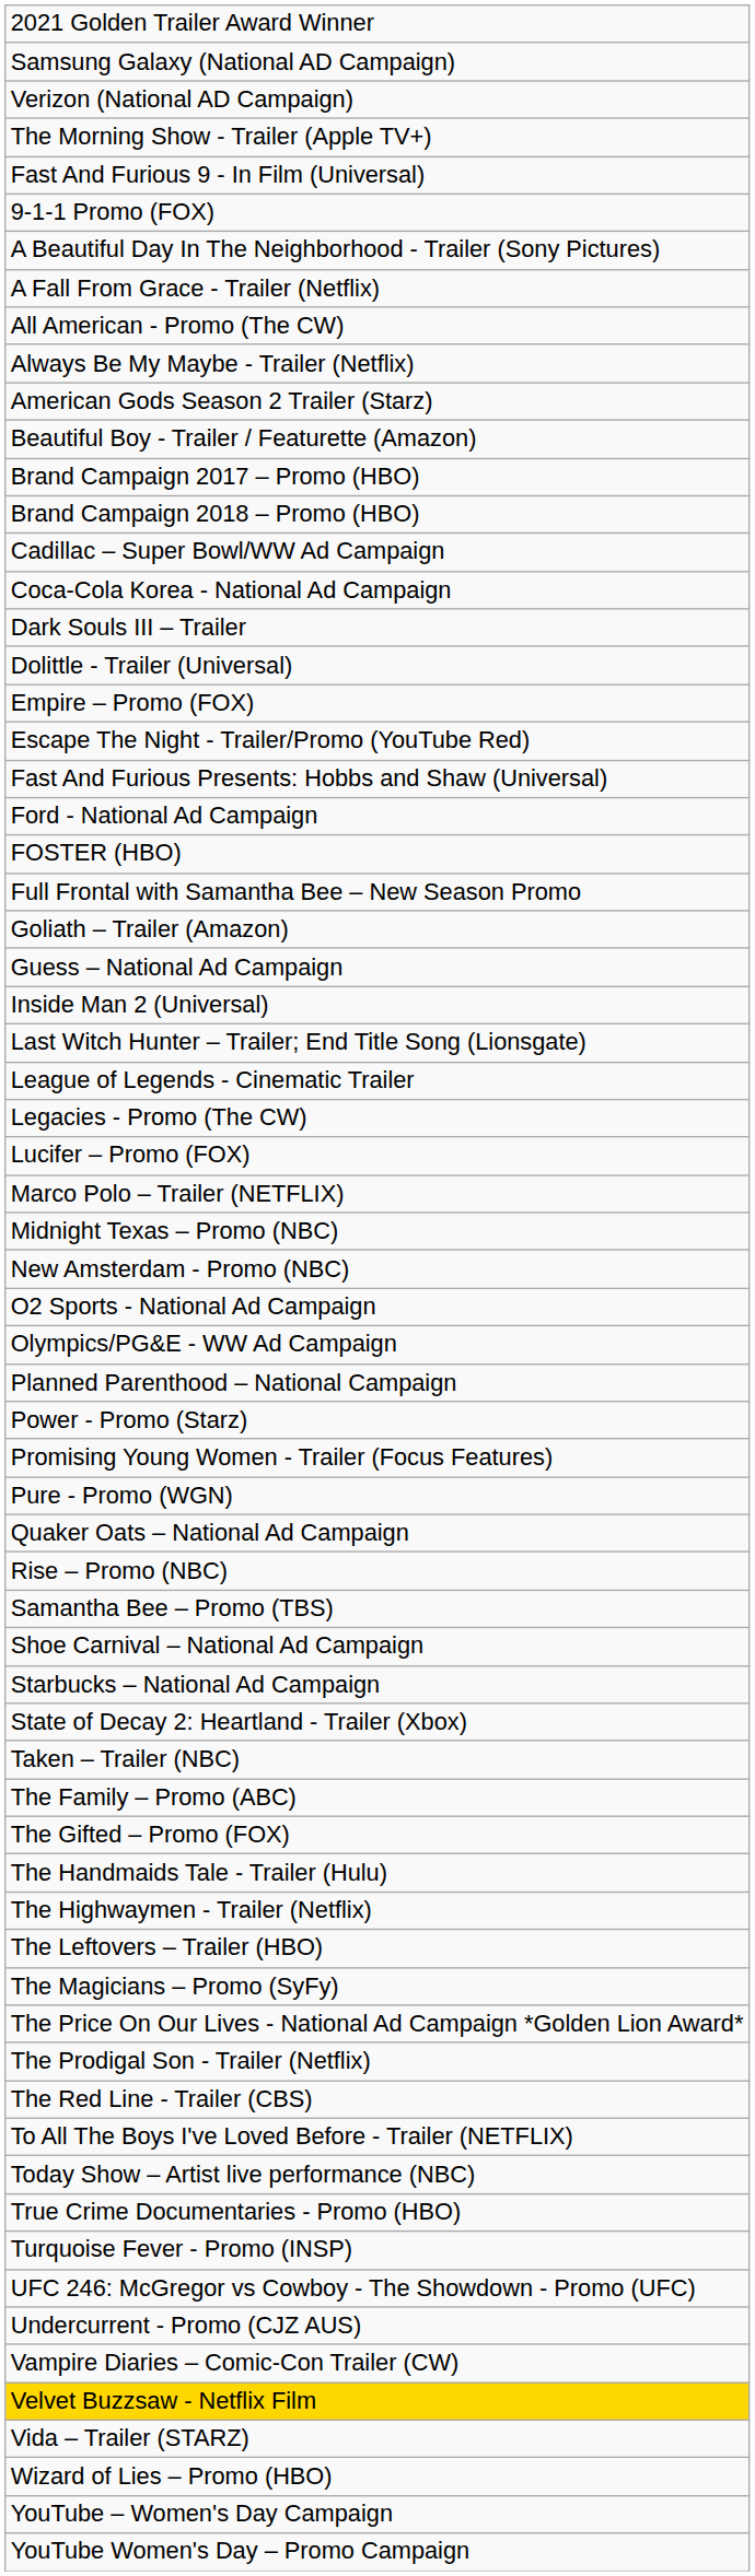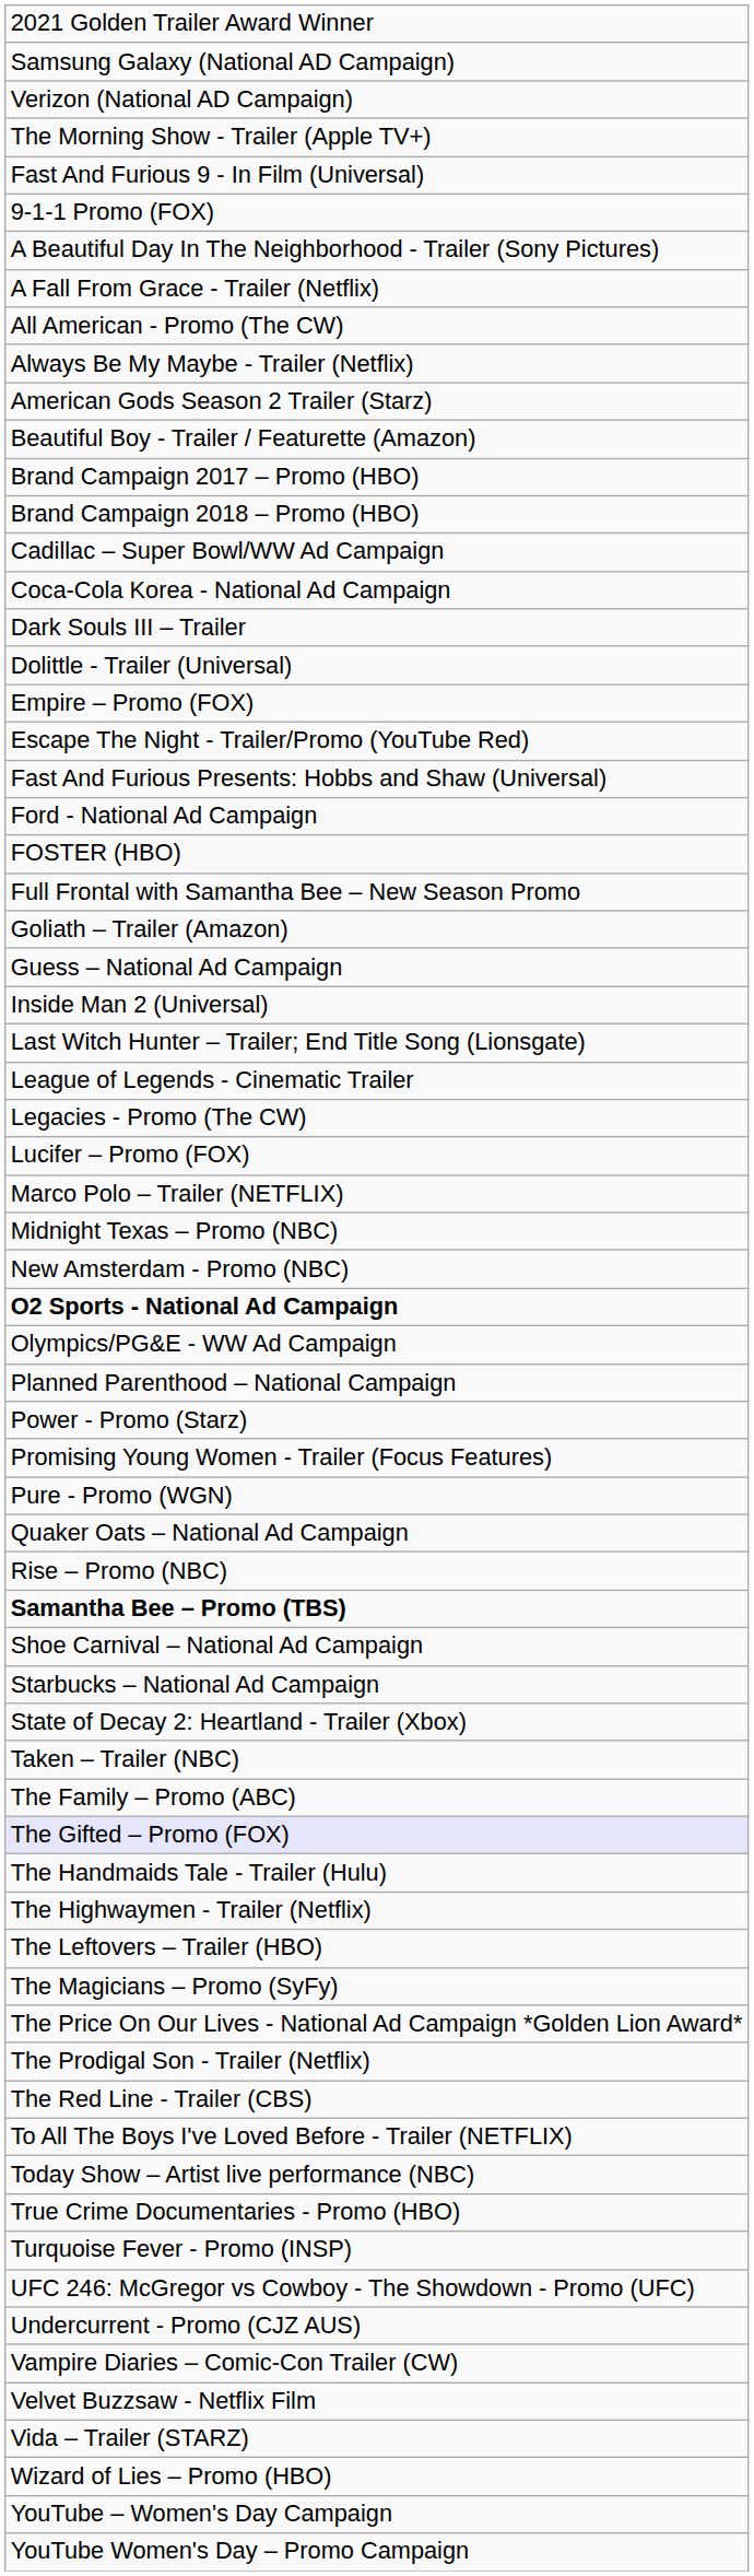 <table class="wikitable">
 <tr>
 <td>2021 Golden Trailer Award Winner</td>
 </tr>
 <tr>
 <td>Samsung Galaxy (National AD Campaign)</td>
 </tr>
 <tr>
 <td>Verizon (National AD Campaign)</td>
 </tr>
 <tr>
 <td>The Morning Show - Trailer (Apple TV+)</td>
 </tr>
 <tr>
 <td>Fast And Furious 9 - In Film (Universal)</td>
 </tr>
 <tr>
 <td>9-1-1 Promo (FOX)</td>
 </tr>
 <tr>
 <td>A Beautiful Day In The Neighborhood - Trailer (Sony Pictures)</td>
 </tr>
 <tr>
 <td>A Fall From Grace - Trailer (Netflix)</td>
 </tr>
 <tr>
 <td>All American - Promo (The CW)</td>
 </tr>
 <tr>
 <td>Always Be My Maybe - Trailer (Netflix)</td>
 </tr>
 <tr>
 <td>American Gods Season 2 Trailer (Starz)</td>
 </tr>
 <tr>
 <td>Beautiful Boy - Trailer / Featurette (Amazon)</td>
 </tr>
 <tr>
 <td>Brand Campaign 2017 – Promo (HBO)</td>
 </tr>
 <tr>
 <td>Brand Campaign 2018 – Promo (HBO)</td>
 </tr>
 <tr>
 <td>Cadillac – Super Bowl/WW Ad Campaign</td>
 </tr>
 <tr>
 <td>Coca-Cola Korea - National Ad Campaign</td>
 </tr>
 <tr>
 <td>Dark Souls III – Trailer</td>
 </tr>
 <tr>
 <td>Dolittle - Trailer (Universal)</td>
 </tr>
 <tr>
 <td>Empire – Promo (FOX)</td>
 </tr>
 <tr>
 <td>Escape The Night - Trailer/Promo (YouTube Red)</td>
 </tr>
 <tr>
 <td>Fast And Furious Presents: Hobbs and Shaw (Universal)</td>
 </tr>
 <tr>
 <td>Ford - National Ad Campaign</td>
 </tr>
 <tr>
 <td>FOSTER (HBO)</td>
 </tr>
 <tr>
 <td>Full Frontal with Samantha Bee – New Season Promo</td>
 </tr>
 <tr>
 <td>Goliath – Trailer (Amazon)</td>
 </tr>
 <tr>
 <td>Guess – National Ad Campaign</td>
 </tr>
 <tr>
 <td>Inside Man 2 (Universal)</td>
 </tr>
 <tr>
 <td>Last Witch Hunter – Trailer; End Title Song (Lionsgate)</td>
 </tr>
 <tr>
 <td>League of Legends - Cinematic Trailer</td>
 </tr>
 <tr>
 <td>Legacies - Promo (The CW)</td>
 </tr>
 <tr>
 <td>Lucifer – Promo (FOX)</td>
 </tr>
 <tr>
 <td>Marco Polo – Trailer (NETFLIX)</td>
 </tr>
 <tr>
 <td>Midnight Texas – Promo (NBC)</td>
 </tr>
 <tr>
 <td>New Amsterdam - Promo (NBC)</td>
 </tr>
 <tr>
-<td>O2 Sports - National Ad Campaign</td>
+<td><strong>O2 Sports - National Ad Campaign</strong></td>
 </tr>
 <tr>
 <td>Olympics/PG&E - WW Ad Campaign</td>
 </tr>
 <tr>
 <td>Planned Parenthood – National Campaign</td>
 </tr>
 <tr>
 <td>Power - Promo (Starz)</td>
 </tr>
 <tr>
 <td>Promising Young Women - Trailer (Focus Features)</td>
 </tr>
 <tr>
 <td>Pure - Promo (WGN)</td>
 </tr>
 <tr>
 <td>Quaker Oats – National Ad Campaign</td>
 </tr>
 <tr>
 <td>Rise – Promo (NBC)</td>
 </tr>
 <tr>
-<td>Samantha Bee – Promo (TBS)</td>
+<td><strong>Samantha Bee – Promo (TBS)</strong></td>
 </tr>
 <tr>
 <td>Shoe Carnival – National Ad Campaign</td>
 </tr>
 <tr>
 <td>Starbucks – National Ad Campaign</td>
 </tr>
 <tr>
 <td>State of Decay 2: Heartland - Trailer (Xbox)</td>
 </tr>
 <tr>
 <td>Taken – Trailer (NBC)</td>
 </tr>
 <tr>
 <td>The Family – Promo (ABC)</td>
 </tr>
 <tr>
-<td>The Gifted – Promo (FOX)</td>
+<td style="background: lavender;">The Gifted – Promo (FOX)</td>
 </tr>
 <tr>
 <td>The Handmaids Tale - Trailer (Hulu)</td>
 </tr>
 <tr>
 <td>The Highwaymen - Trailer (Netflix)</td>
 </tr>
 <tr>
 <td>The Leftovers – Trailer (HBO)</td>
 </tr>
 <tr>
 <td>The Magicians – Promo (SyFy)</td>
 </tr>
 <tr>
 <td>The Price On Our Lives - National Ad Campaign *Golden Lion Award*</td>
 </tr>
 <tr>
 <td>The Prodigal Son - Trailer (Netflix)</td>
 </tr>
 <tr>
 <td>The Red Line - Trailer (CBS)</td>
 </tr>
 <tr>
 <td>To All The Boys I've Loved Before - Trailer (NETFLIX)</td>
 </tr>
 <tr>
 <td>Today Show – Artist live performance (NBC)</td>
 </tr>
 <tr>
 <td>True Crime Documentaries - Promo (HBO)</td>
 </tr>
 <tr>
 <td>Turquoise Fever - Promo (INSP)</td>
 </tr>
 <tr>
 <td>UFC 246: McGregor vs Cowboy - The Showdown - Promo (UFC)</td>
 </tr>
 <tr>
 <td>Undercurrent - Promo (CJZ AUS)</td>
 </tr>
 <tr>
 <td>Vampire Diaries – Comic-Con Trailer (CW)</td>
 </tr>
 <tr>
-<td style="background: gold;">Velvet Buzzsaw - Netflix Film</td>
+<td>Velvet Buzzsaw - Netflix Film</td>
 </tr>
 <tr>
 <td>Vida – Trailer (STARZ)</td>
 </tr>
 <tr>
 <td>Wizard of Lies – Promo (HBO)</td>
 </tr>
 <tr>
 <td>YouTube – Women's Day Campaign</td>
 </tr>
 <tr>
 <td>YouTube Women's Day – Promo Campaign</td>
 </tr>
 </table>
